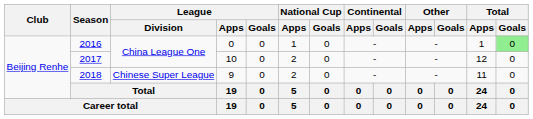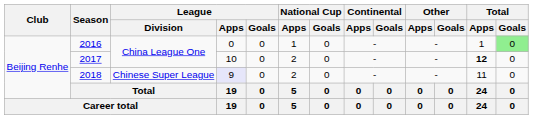 <table class="wikitable" style="text-align: center">
 <tr>
 <th rowspan="2">Club</th>
 <th rowspan="2">Season</th>
 <th colspan="3">League</th>
 <th colspan="2">National Cup</th>
 <th colspan="2">Continental</th>
 <th colspan="2">Other</th>
 <th colspan="2">Total</th>
 </tr>
 <tr>
 <th>Division</th>
 <th>Apps</th>
 <th>Goals</th>
 <th>Apps</th>
 <th>Goals</th>
 <th>Apps</th>
 <th>Goals</th>
 <th>Apps</th>
 <th>Goals</th>
 <th>Apps</th>
 <th>Goals</th>
 </tr>
 <tr>
 <td rowspan="4"><a href='#'>Beijing Renhe</a></td>
 <td><a href='#'>2016</a></td>
 <td rowspan="2"><a href='#'>China League One</a></td>
 <td>0</td>
 <td>0</td>
 <td>1</td>
 <td>0</td>
 <td colspan="2">-</td>
 <td colspan="2">-</td>
 <td>1</td>
 <td style="background: lightgreen;">0</td>
 </tr>
 <tr>
 <td><a href='#'>2017</a></td>
 <td>10</td>
 <td>0</td>
 <td>2</td>
 <td>0</td>
 <td colspan="2">-</td>
 <td colspan="2">-</td>
-<td>12</td>
+<td><strong>12</strong></td>
 <td>0</td>
 </tr>
 <tr>
 <td><a href='#'>2018</a></td>
 <td><a href='#'>Chinese Super League</a></td>
-<td>9</td>
+<td style="background: lavender;">9</td>
 <td>0</td>
 <td>2</td>
 <td>0</td>
 <td colspan="2">-</td>
 <td colspan="2">-</td>
 <td>11</td>
 <td>0</td>
 </tr>
 <tr>
 <th colspan=2>Total</th>
 <th>19</th>
 <th>0</th>
 <th>5</th>
 <th>0</th>
 <th>0</th>
 <th>0</th>
 <th>0</th>
 <th>0</th>
 <th>24</th>
 <th>0</th>
 </tr>
 <tr>
 <th colspan=3>Career total</th>
 <th>19</th>
 <th>0</th>
 <th>5</th>
 <th>0</th>
 <th>0</th>
 <th>0</th>
 <th>0</th>
 <th>0</th>
 <th>24</th>
 <th>0</th>
 </tr>
 </table>
